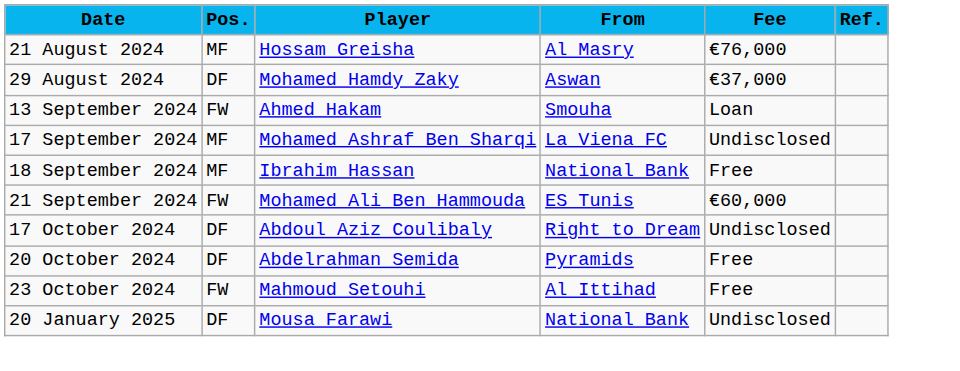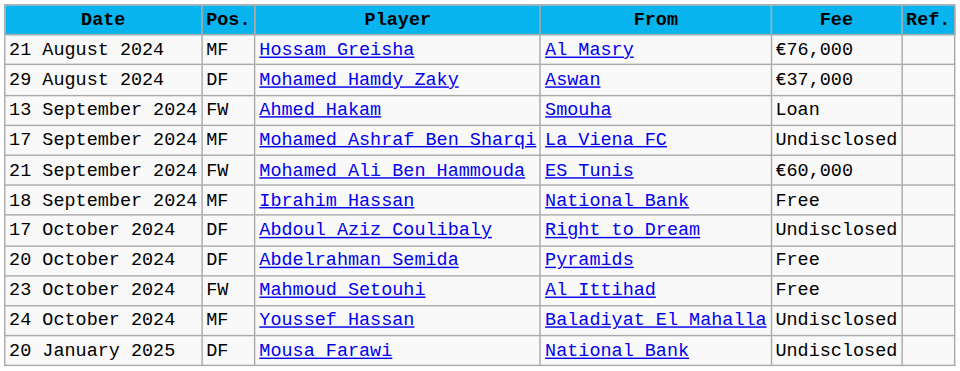 <table class="wikitable plainrowheaders sortable">
 <tr>
 <th style="background:#07b4ed; color:#000000; ">Date</th>
 <th style="background:#07b4ed; color:#000000; ">Pos.</th>
 <th style="background:#07b4ed; color:#000000; ">Player</th>
 <th style="background:#07b4ed; color:#000000; ">From</th>
 <th style="background:#07b4ed; color:#000000; ">Fee</th>
 <th style="background:#07b4ed; color:#000000; ">Ref.</th>
 </tr>
 <tr>
 <td>21 August 2024</td>
 <td>MF</td>
 <td> <a href='#'>Hossam Greisha</a></td>
 <td> <a href='#'>Al Masry</a></td>
 <td>€76,000</td>
 <td></td>
 </tr>
 <tr>
 <td>29 August 2024</td>
 <td>DF</td>
 <td> <a href='#'>Mohamed Hamdy Zaky</a></td>
 <td> <a href='#'>Aswan</a></td>
 <td>€37,000</td>
 <td></td>
 </tr>
 <tr>
 <td>13 September 2024</td>
 <td>FW</td>
 <td> <a href='#'>Ahmed Hakam</a></td>
 <td> <a href='#'>Smouha</a></td>
 <td>Loan</td>
 <td></td>
 </tr>
 <tr>
 <td>17 September 2024</td>
 <td>MF</td>
 <td> <a href='#'>Mohamed Ashraf Ben Sharqi</a></td>
 <td> <a href='#'>La Viena FC</a></td>
 <td>Undisclosed</td>
 <td></td>
 </tr>
 <tr>
+<td>21 September 2024</td>
+<td>FW</td>
+<td> <a href='#'>Mohamed Ali Ben Hammouda</a></td>
+<td> <a href='#'>ES Tunis</a></td>
+<td>€60,000</td>
+<td></td>
+</tr>
+<tr>
 <td>18 September 2024</td>
 <td>MF</td>
 <td> <a href='#'>Ibrahim Hassan</a></td>
 <td> <a href='#'>National Bank</a></td>
 <td>Free</td>
-<td></td>
-</tr>
-<tr>
-<td>21 September 2024</td>
-<td>FW</td>
-<td> <a href='#'>Mohamed Ali Ben Hammouda</a></td>
-<td> <a href='#'>ES Tunis</a></td>
-<td>€60,000</td>
 <td></td>
 </tr>
 <tr>
 <td>17 October 2024</td>
 <td>DF</td>
 <td> <a href='#'>Abdoul Aziz Coulibaly</a></td>
 <td> <a href='#'>Right to Dream</a></td>
 <td>Undisclosed</td>
 <td></td>
 </tr>
 <tr>
 <td>20 October 2024</td>
 <td>DF</td>
 <td> <a href='#'>Abdelrahman Semida</a></td>
 <td> <a href='#'>Pyramids</a></td>
 <td>Free</td>
 <td></td>
 </tr>
 <tr>
 <td>23 October 2024</td>
 <td>FW</td>
 <td> <a href='#'>Mahmoud Setouhi</a></td>
 <td> <a href='#'>Al Ittihad</a></td>
 <td>Free</td>
 <td></td>
 </tr>
 <tr>
+<td>24 October 2024</td>
+<td>MF</td>
+<td> <a href='#'>Youssef Hassan</a></td>
+<td> <a href='#'>Baladiyat El Mahalla</a></td>
+<td>Undisclosed</td>
+<td></td>
+</tr>
+<tr>
 <td>20 January 2025</td>
 <td>DF</td>
 <td> <a href='#'>Mousa Farawi</a></td>
 <td> <a href='#'>National Bank</a></td>
 <td>Undisclosed</td>
 <td></td>
 </tr>
 </table>
